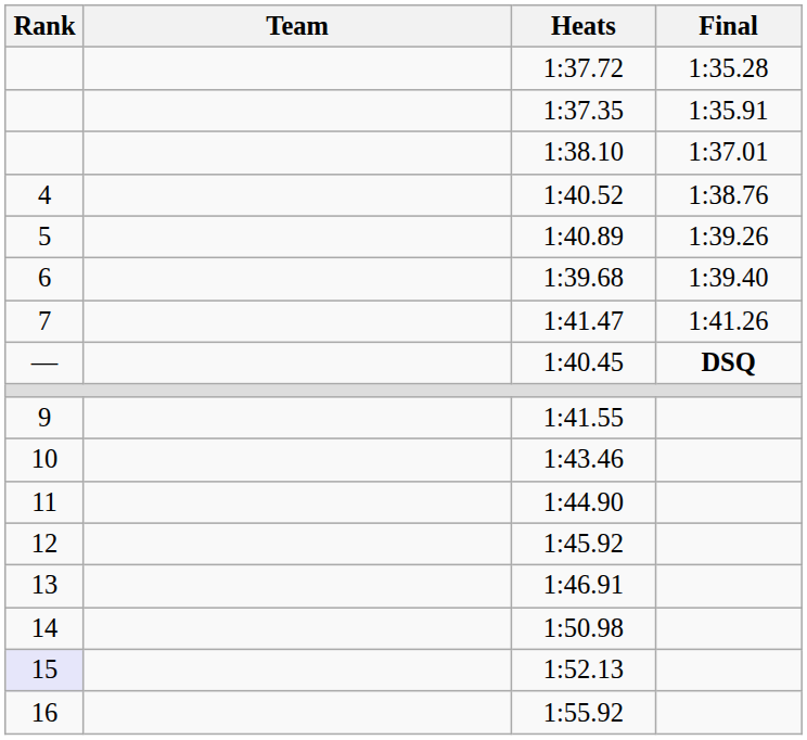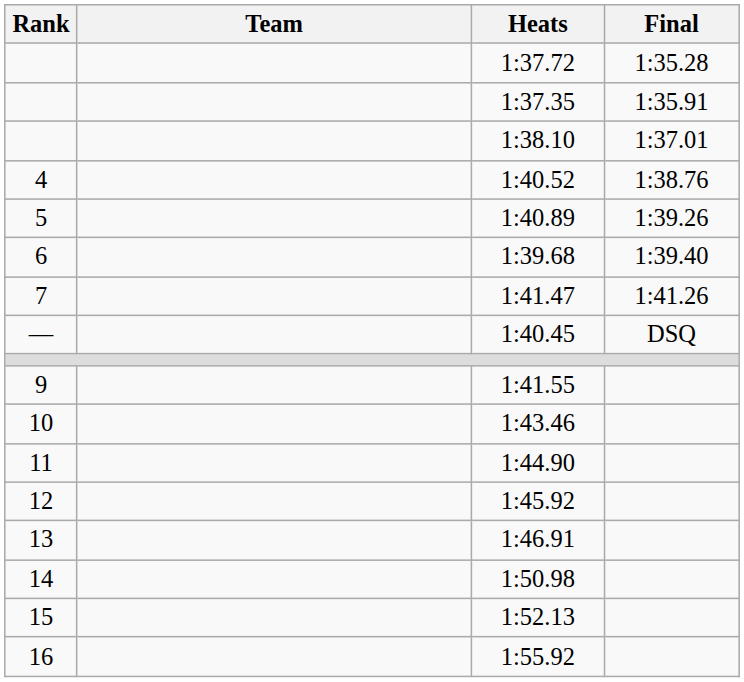 <table class=wikitable style="text-align:center">
 <tr>
 <th width=40>Rank</th>
 <th width=250>Team</th>
 <th width=80>Heats</th>
 <th width=80>Final</th>
 </tr>
 <tr>
 <td></td>
 <td align=left></td>
 <td>1:37.72</td>
 <td>1:35.28</td>
 </tr>
 <tr>
 <td></td>
 <td align=left></td>
 <td>1:37.35</td>
 <td>1:35.91</td>
 </tr>
 <tr>
 <td></td>
 <td align=left></td>
 <td>1:38.10</td>
 <td>1:37.01</td>
 </tr>
 <tr>
 <td>4</td>
 <td align=left></td>
 <td>1:40.52</td>
 <td>1:38.76</td>
 </tr>
 <tr>
 <td>5</td>
 <td align=left></td>
 <td>1:40.89</td>
 <td>1:39.26</td>
 </tr>
 <tr>
 <td>6</td>
 <td align=left></td>
 <td>1:39.68</td>
 <td>1:39.40</td>
 </tr>
 <tr>
 <td>7</td>
 <td align=left></td>
 <td>1:41.47</td>
 <td>1:41.26</td>
 </tr>
 <tr>
 <td>—</td>
 <td align=left></td>
 <td>1:40.45</td>
-<td><strong>DSQ</strong></td>
+<td>DSQ</td>
 </tr>
 <tr bgcolor=#DDDDDD>
 <td colspan=4></td>
 </tr>
 <tr>
 <td>9</td>
 <td align=left></td>
 <td>1:41.55</td>
 <td></td>
 </tr>
 <tr>
 <td>10</td>
 <td align=left></td>
 <td>1:43.46</td>
 <td></td>
 </tr>
 <tr>
 <td>11</td>
 <td align=left></td>
 <td>1:44.90</td>
 <td></td>
 </tr>
 <tr>
 <td>12</td>
 <td align=left></td>
 <td>1:45.92</td>
 <td></td>
 </tr>
 <tr>
 <td>13</td>
 <td align=left></td>
 <td>1:46.91</td>
 <td></td>
 </tr>
 <tr>
 <td>14</td>
 <td align=left></td>
 <td>1:50.98</td>
 <td></td>
 </tr>
 <tr>
-<td style="background: lavender;">15</td>
+<td>15</td>
 <td align=left></td>
 <td>1:52.13</td>
 <td></td>
 </tr>
 <tr>
 <td>16</td>
 <td align=left></td>
 <td>1:55.92</td>
 <td></td>
 </tr>
 </table>
